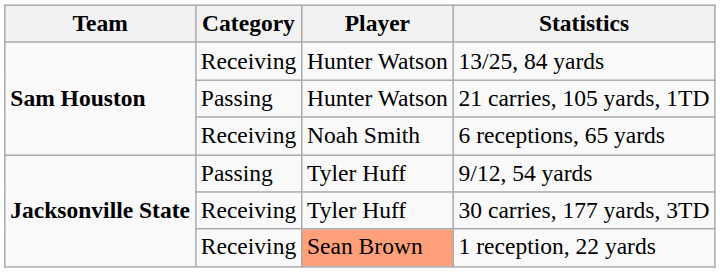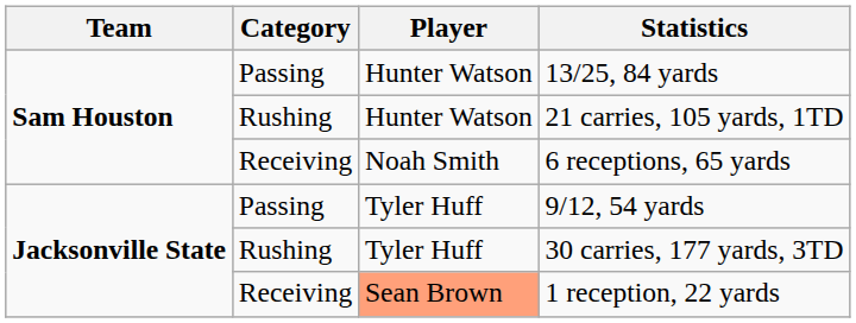 <table class="wikitable" style="float: right;">
 <tr>
 <th>Team</th>
 <th>Category</th>
 <th>Player</th>
 <th>Statistics</th>
 </tr>
 <tr>
 <td rowspan=3><strong>Sam Houston</strong></td>
-<td>Receiving</td>
+<td>Passing</td>
 <td>Hunter Watson</td>
 <td>13/25, 84 yards</td>
 </tr>
 <tr>
-<td>Passing</td>
+<td>Rushing</td>
 <td>Hunter Watson</td>
 <td>21 carries, 105 yards, 1TD</td>
 </tr>
 <tr>
 <td>Receiving</td>
 <td>Noah Smith</td>
 <td>6 receptions, 65 yards</td>
 </tr>
 <tr>
 <td rowspan=3><strong>Jacksonville State</strong></td>
 <td>Passing</td>
 <td>Tyler Huff</td>
 <td>9/12, 54 yards</td>
 </tr>
 <tr>
-<td>Receiving</td>
+<td>Rushing</td>
 <td>Tyler Huff</td>
 <td>30 carries, 177 yards, 3TD</td>
 </tr>
 <tr>
 <td>Receiving</td>
 <td style="background: lightsalmon;">Sean Brown</td>
 <td>1 reception, 22 yards</td>
 </tr>
 </table>
